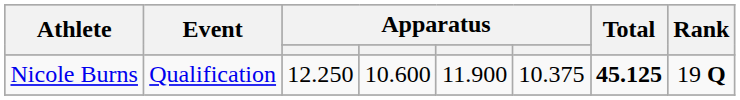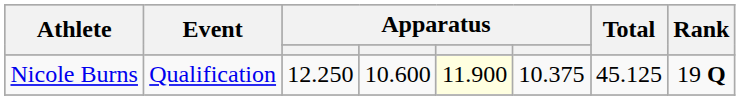 <table class="wikitable" style="font-size:90%">
 <tr>
 <th rowspan=2>Athlete</th>
 <th rowspan=2>Event</th>
 <th colspan=4>Apparatus</th>
 <th rowspan=2>Total</th>
 <th rowspan=2>Rank</th>
 </tr>
 <tr style="font-size:95%">
 <th></th>
 <th></th>
 <th></th>
 <th></th>
 </tr>
 <tr align=center>
 <td align=left><a href='#'>Nicole Burns</a></td>
 <td align=left><a href='#'>Qualification</a></td>
 <td>12.250</td>
 <td>10.600</td>
-<td>11.900</td>
+<td style="background: lightyellow;">11.900</td>
 <td>10.375</td>
-<td><strong>45.125</strong></td>
+<td>45.125</td>
 <td>19 <strong>Q</strong></td>
 </tr>
 </table>
